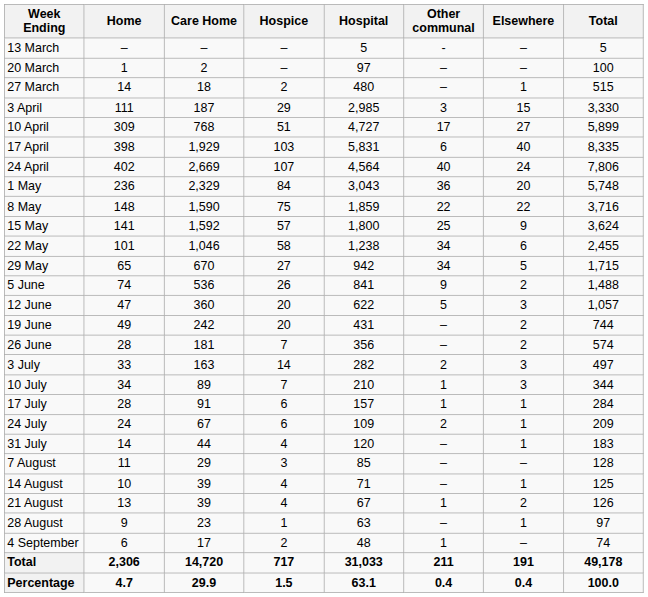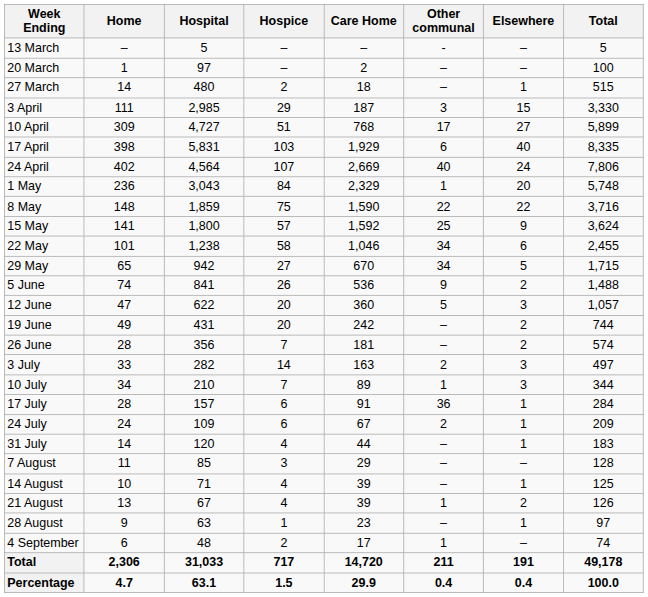 <table class="wikitable">
 <tr>
 <th>Week Ending</th>
 <th>Home</th>
+<th>Hospital</th>
+<th>Hospice</th>
 <th>Care Home</th>
-<th>Hospice</th>
-<th>Hospital</th>
 <th>Other communal</th>
 <th>Elsewhere</th>
 <th>Total</th>
 </tr>
 <tr>
 <td style="width: 95px">13 March</td>
 <td style="width: 95px; text-align:center">–</td>
+<td style="width: 95px; text-align:center">5</td>
 <td style="width: 95px; text-align:center">–</td>
 <td style="width: 95px; text-align:center">–</td>
-<td style="width: 95px; text-align:center">5</td>
 <td style="width: 95px; text-align:center">-</td>
 <td style="width: 95px; text-align:center">–</td>
 <td style="width: 95px; text-align:center">5</td>
 </tr>
 <tr>
 <td>20 March</td>
 <td style=" text-align:center">1</td>
+<td style=" text-align:center">97</td>
+<td style=" text-align:center">–</td>
 <td style=" text-align:center">2</td>
-<td style=" text-align:center">–</td>
-<td style=" text-align:center">97</td>
 <td style=" text-align:center">–</td>
 <td style=" text-align:center">–</td>
 <td style=" text-align:center">100</td>
 </tr>
 <tr>
 <td>27 March</td>
 <td style=" text-align:center">14</td>
+<td style=" text-align:center">480</td>
+<td style=" text-align:center">2</td>
 <td style=" text-align:center">18</td>
-<td style=" text-align:center">2</td>
-<td style=" text-align:center">480</td>
 <td style=" text-align:center">–</td>
 <td style=" text-align:center">1</td>
 <td style=" text-align:center">515</td>
 </tr>
 <tr>
 <td>3 April</td>
 <td style=" text-align:center">111</td>
+<td style=" text-align:center">2,985</td>
+<td style=" text-align:center">29</td>
 <td style=" text-align:center">187</td>
-<td style=" text-align:center">29</td>
-<td style=" text-align:center">2,985</td>
 <td style=" text-align:center">3</td>
 <td style=" text-align:center">15</td>
 <td style=" text-align:center">3,330</td>
 </tr>
 <tr>
 <td>10 April</td>
 <td style=" text-align:center">309</td>
+<td style=" text-align:center">4,727</td>
+<td style=" text-align:center">51</td>
 <td style=" text-align:center">768</td>
-<td style=" text-align:center">51</td>
-<td style=" text-align:center">4,727</td>
 <td style=" text-align:center">17</td>
 <td style=" text-align:center">27</td>
 <td style=" text-align:center">5,899</td>
 </tr>
 <tr>
 <td>17 April</td>
 <td style=" text-align:center">398</td>
+<td style=" text-align:center">5,831</td>
+<td style=" text-align:center">103</td>
 <td style=" text-align:center">1,929</td>
-<td style=" text-align:center">103</td>
-<td style=" text-align:center">5,831</td>
 <td style=" text-align:center">6</td>
 <td style=" text-align:center">40</td>
 <td style=" text-align:center">8,335</td>
 </tr>
 <tr>
 <td>24 April</td>
 <td style=" text-align:center">402</td>
+<td style=" text-align:center">4,564</td>
+<td style=" text-align:center">107</td>
 <td style=" text-align:center">2,669</td>
-<td style=" text-align:center">107</td>
-<td style=" text-align:center">4,564</td>
 <td style=" text-align:center">40</td>
 <td style=" text-align:center">24</td>
 <td style=" text-align:center">7,806</td>
 </tr>
 <tr>
 <td>1 May</td>
 <td style=" text-align:center">236</td>
+<td style=" text-align:center">3,043</td>
+<td style=" text-align:center">84</td>
 <td style=" text-align:center">2,329</td>
-<td style=" text-align:center">84</td>
-<td style=" text-align:center">3,043</td>
-<td style=" text-align:center">36</td>
+<td style=" text-align:center">1</td>
 <td style=" text-align:center">20</td>
 <td style=" text-align:center">5,748</td>
 </tr>
 <tr>
 <td>8 May</td>
 <td style=" text-align:center">148</td>
+<td style=" text-align:center">1,859</td>
+<td style=" text-align:center">75</td>
 <td style=" text-align:center">1,590</td>
-<td style=" text-align:center">75</td>
-<td style=" text-align:center">1,859</td>
 <td style=" text-align:center">22</td>
 <td style=" text-align:center">22</td>
 <td style=" text-align:center">3,716</td>
 </tr>
 <tr>
 <td>15 May</td>
 <td style=" text-align:center">141</td>
+<td style=" text-align:center">1,800</td>
+<td style=" text-align:center">57</td>
 <td style=" text-align:center">1,592</td>
-<td style=" text-align:center">57</td>
-<td style=" text-align:center">1,800</td>
 <td style=" text-align:center">25</td>
 <td style=" text-align:center">9</td>
 <td style=" text-align:center">3,624</td>
 </tr>
 <tr>
 <td>22 May</td>
 <td style=" text-align:center">101</td>
+<td style=" text-align:center">1,238</td>
+<td style=" text-align:center">58</td>
 <td style=" text-align:center">1,046</td>
-<td style=" text-align:center">58</td>
-<td style=" text-align:center">1,238</td>
 <td style=" text-align:center">34</td>
 <td style=" text-align:center">6</td>
 <td style=" text-align:center">2,455</td>
 </tr>
 <tr>
 <td>29 May</td>
 <td style=" text-align:center">65</td>
+<td style=" text-align:center">942</td>
+<td style=" text-align:center">27</td>
 <td style=" text-align:center">670</td>
-<td style=" text-align:center">27</td>
-<td style=" text-align:center">942</td>
 <td style=" text-align:center">34</td>
 <td style=" text-align:center">5</td>
 <td style=" text-align:center">1,715</td>
 </tr>
 <tr>
 <td>5 June</td>
 <td style=" text-align:center">74</td>
+<td style=" text-align:center">841</td>
+<td style=" text-align:center">26</td>
 <td style=" text-align:center">536</td>
-<td style=" text-align:center">26</td>
-<td style=" text-align:center">841</td>
 <td style=" text-align:center">9</td>
 <td style=" text-align:center">2</td>
 <td style=" text-align:center">1,488</td>
 </tr>
 <tr>
 <td>12 June</td>
 <td style=" text-align:center">47</td>
+<td style=" text-align:center">622</td>
+<td style=" text-align:center">20</td>
 <td style=" text-align:center">360</td>
-<td style=" text-align:center">20</td>
-<td style=" text-align:center">622</td>
 <td style=" text-align:center">5</td>
 <td style=" text-align:center">3</td>
 <td style=" text-align:center">1,057</td>
 </tr>
 <tr>
 <td>19 June</td>
 <td style=" text-align:center">49</td>
+<td style=" text-align:center">431</td>
+<td style=" text-align:center">20</td>
 <td style=" text-align:center">242</td>
-<td style=" text-align:center">20</td>
-<td style=" text-align:center">431</td>
 <td style=" text-align:center">–</td>
 <td style=" text-align:center">2</td>
 <td style=" text-align:center">744</td>
 </tr>
 <tr>
 <td>26 June</td>
 <td style=" text-align:center">28</td>
+<td style=" text-align:center">356</td>
+<td style=" text-align:center">7</td>
 <td style=" text-align:center">181</td>
-<td style=" text-align:center">7</td>
-<td style=" text-align:center">356</td>
 <td style=" text-align:center">–</td>
 <td style=" text-align:center">2</td>
 <td style=" text-align:center">574</td>
 </tr>
 <tr>
 <td>3 July</td>
 <td style=" text-align:center">33</td>
+<td style=" text-align:center">282</td>
+<td style=" text-align:center">14</td>
 <td style=" text-align:center">163</td>
-<td style=" text-align:center">14</td>
-<td style=" text-align:center">282</td>
 <td style=" text-align:center">2</td>
 <td style=" text-align:center">3</td>
 <td style=" text-align:center">497</td>
 </tr>
 <tr>
 <td>10 July</td>
 <td style=" text-align:center">34</td>
+<td style=" text-align:center">210</td>
+<td style=" text-align:center">7</td>
 <td style=" text-align:center">89</td>
-<td style=" text-align:center">7</td>
-<td style=" text-align:center">210</td>
 <td style=" text-align:center">1</td>
 <td style=" text-align:center">3</td>
 <td style=" text-align:center">344</td>
 </tr>
 <tr>
 <td>17 July</td>
 <td style=" text-align:center">28</td>
+<td style=" text-align:center">157</td>
+<td style=" text-align:center">6</td>
 <td style=" text-align:center">91</td>
-<td style=" text-align:center">6</td>
-<td style=" text-align:center">157</td>
-<td style=" text-align:center">1</td>
+<td style=" text-align:center">36</td>
 <td style=" text-align:center">1</td>
 <td style=" text-align:center">284</td>
 </tr>
 <tr>
 <td>24 July</td>
 <td style=" text-align:center">24</td>
+<td style=" text-align:center">109</td>
+<td style=" text-align:center">6</td>
 <td style=" text-align:center">67</td>
-<td style=" text-align:center">6</td>
-<td style=" text-align:center">109</td>
 <td style=" text-align:center">2</td>
 <td style=" text-align:center">1</td>
 <td style=" text-align:center">209</td>
 </tr>
 <tr>
 <td>31 July</td>
 <td style=" text-align:center">14</td>
+<td style=" text-align:center">120</td>
+<td style=" text-align:center">4</td>
 <td style=" text-align:center">44</td>
-<td style=" text-align:center">4</td>
-<td style=" text-align:center">120</td>
 <td style=" text-align:center">–</td>
 <td style=" text-align:center">1</td>
 <td style=" text-align:center">183</td>
 </tr>
 <tr>
 <td>7 August</td>
 <td style=" text-align:center">11</td>
+<td style=" text-align:center">85</td>
+<td style=" text-align:center">3</td>
 <td style=" text-align:center">29</td>
-<td style=" text-align:center">3</td>
-<td style=" text-align:center">85</td>
 <td style=" text-align:center">–</td>
 <td style=" text-align:center">–</td>
 <td style=" text-align:center">128</td>
 </tr>
 <tr>
 <td>14 August</td>
 <td style=" text-align:center">10</td>
+<td style=" text-align:center">71</td>
+<td style=" text-align:center">4</td>
 <td style=" text-align:center">39</td>
-<td style=" text-align:center">4</td>
-<td style=" text-align:center">71</td>
 <td style=" text-align:center">–</td>
 <td style=" text-align:center">1</td>
 <td style=" text-align:center">125</td>
 </tr>
 <tr>
 <td>21 August</td>
 <td style=" text-align:center">13</td>
+<td style=" text-align:center">67</td>
+<td style=" text-align:center">4</td>
 <td style=" text-align:center">39</td>
-<td style=" text-align:center">4</td>
-<td style=" text-align:center">67</td>
 <td style=" text-align:center">1</td>
 <td style=" text-align:center">2</td>
 <td style=" text-align:center">126</td>
 </tr>
 <tr>
 <td>28 August</td>
 <td style=" text-align:center">9</td>
+<td style=" text-align:center">63</td>
+<td style=" text-align:center">1</td>
 <td style=" text-align:center">23</td>
-<td style=" text-align:center">1</td>
-<td style=" text-align:center">63</td>
 <td style=" text-align:center">–</td>
 <td style=" text-align:center">1</td>
 <td style=" text-align:center">97</td>
 </tr>
 <tr>
 <td>4 September</td>
 <td style=" text-align:center">6</td>
+<td style=" text-align:center">48</td>
+<td style=" text-align:center">2</td>
 <td style=" text-align:center">17</td>
-<td style=" text-align:center">2</td>
-<td style=" text-align:center">48</td>
 <td style=" text-align:center">1</td>
 <td style=" text-align:center">–</td>
 <td style=" text-align:center">74</td>
 </tr>
 <tr>
 <th style=" text-align:left"><strong>Total</strong></th>
 <td style=" text-align:center"><strong>2,306</strong></td>
+<td style=" text-align:center"><strong>31,033</strong></td>
+<td style=" text-align:center"><strong>717</strong></td>
 <td style=" text-align:center"><strong>14,720</strong></td>
-<td style=" text-align:center"><strong>717</strong></td>
-<td style=" text-align:center"><strong>31,033</strong></td>
 <td style=" text-align:center"><strong>211</strong></td>
 <td style=" text-align:center"><strong>191</strong></td>
 <td style=" text-align:center"><strong>49,178</strong></td>
 </tr>
 <tr>
 <th style=" text-align:left"><strong>Percentage</strong></th>
 <td style=" text-align:center"><strong>4.7</strong></td>
+<td style=" text-align:center"><strong>63.1</strong></td>
+<td style=" text-align:center"><strong>1.5</strong></td>
 <td style=" text-align:center"><strong>29.9</strong></td>
-<td style=" text-align:center"><strong>1.5</strong></td>
-<td style=" text-align:center"><strong>63.1</strong></td>
 <td style=" text-align:center"><strong>0.4</strong></td>
 <td style=" text-align:center"><strong>0.4</strong></td>
 <td style=" text-align:center"><strong>100.0</strong></td>
 </tr>
 </table>
